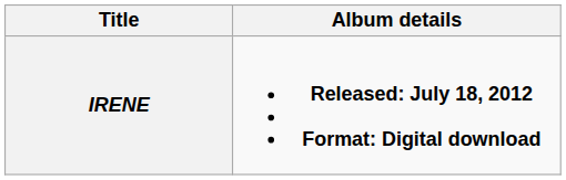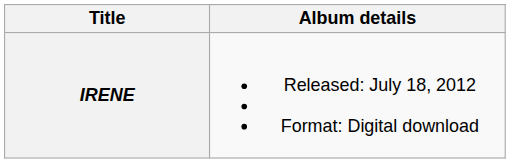 <table class="wikitable plainrowheaders" style="text-align:center;">
 <tr>
 <th scope="col" style="width:11em;">Title</th>
 <th scope="col" style="width:16em;">Album details</th>
 </tr>
 <tr>
 <th scope="row"><em>IRENE</em><br></th>
-<td><strong><br><ul><li>Released: July 18, 2012</li><li></li><li>Format: Digital download</li></ul></strong></td>
+<td><br><ul><li>Released: July 18, 2012</li><li></li><li>Format: Digital download</li></ul></td>
 </tr>
 </table>
